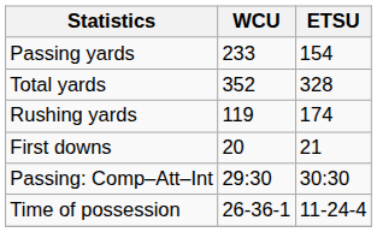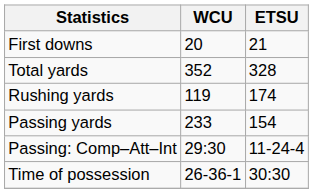 <table class="wikitable" style="float: left;">
 <tr>
 <th>Statistics</th>
 <th>WCU</th>
 <th>ETSU</th>
 </tr>
 <tr>
-<td>Passing yards</td>
-<td>233</td>
-<td>154</td>
+<td>First downs</td>
+<td>20</td>
+<td>21</td>
 </tr>
 <tr>
 <td>Total yards</td>
 <td>352</td>
 <td>328</td>
 </tr>
 <tr>
 <td>Rushing yards</td>
 <td>119</td>
 <td>174</td>
 </tr>
 <tr>
-<td>First downs</td>
-<td>20</td>
-<td>21</td>
+<td>Passing yards</td>
+<td>233</td>
+<td>154</td>
 </tr>
 <tr>
 <td>Passing: Comp–Att–Int</td>
 <td>29:30</td>
-<td>30:30</td>
+<td>11-24-4</td>
 </tr>
 <tr>
 <td>Time of possession</td>
 <td>26-36-1</td>
-<td>11-24-4</td>
+<td>30:30</td>
 </tr>
 <tr>
 </tr>
 </table>
